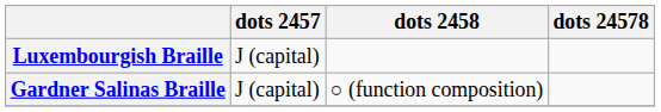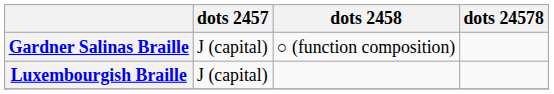 <table class="wikitable">
 <tr>
 <th></th>
 <th>dots 2457</th>
 <th>dots 2458</th>
 <th>dots 24578</th>
 </tr>
 <tr>
+<th align=left><a href='#'>Gardner Salinas Braille</a></th>
+<td>J (capital)</td>
+<td>○ (function composition)</td>
+<td></td>
+</tr>
+<tr>
 <th align=left><a href='#'>Luxembourgish Braille</a></th>
 <td>J (capital)</td>
 <td></td>
 <td></td>
 </tr>
 <tr>
-<th align=left><a href='#'>Gardner Salinas Braille</a></th>
-<td>J (capital)</td>
-<td>○ (function composition)</td>
-<td></td>
-</tr>
-<tr>
 </tr>
 </table>
